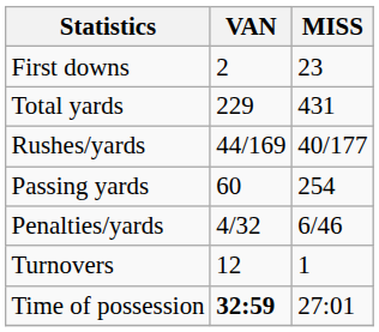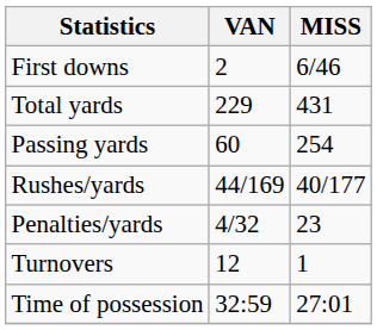 <table class="wikitable" style="float: left;">
 <tr>
 <th>Statistics</th>
 <th>VAN</th>
 <th>MISS</th>
 </tr>
 <tr>
 <td>First downs</td>
 <td>2</td>
-<td>23</td>
+<td>6/46</td>
 </tr>
 <tr>
 <td>Total yards</td>
 <td>229</td>
 <td>431</td>
 </tr>
 <tr>
+<td>Passing yards</td>
+<td>60</td>
+<td>254</td>
+</tr>
+<tr>
 <td>Rushes/yards</td>
 <td>44/169</td>
 <td>40/177</td>
 </tr>
 <tr>
-<td>Passing yards</td>
-<td>60</td>
-<td>254</td>
-</tr>
-<tr>
 <td>Penalties/yards</td>
 <td>4/32</td>
-<td>6/46</td>
+<td>23</td>
 </tr>
 <tr>
 <td>Turnovers</td>
 <td>12</td>
 <td>1</td>
 </tr>
 <tr>
 <td>Time of possession</td>
-<td><strong>32:59</strong></td>
+<td>32:59</td>
 <td>27:01</td>
 </tr>
 <tr>
 </tr>
 </table>
